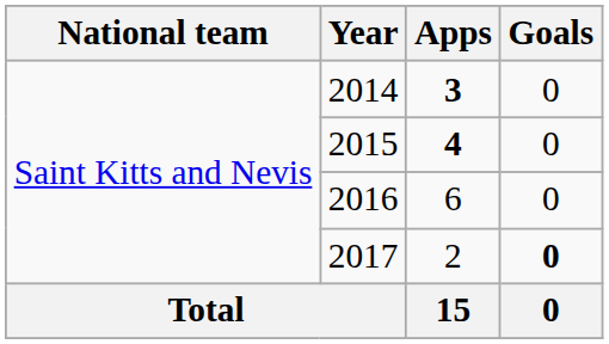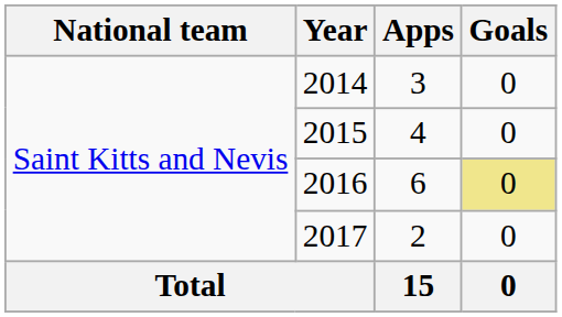 <table class="wikitable" style="text-align: center;">
 <tr>
 <th>National team</th>
 <th>Year</th>
 <th>Apps</th>
 <th>Goals</th>
 </tr>
 <tr>
 <td rowspan="4"><a href='#'>Saint Kitts and Nevis</a></td>
 <td>2014</td>
-<td><strong>3</strong></td>
+<td>3</td>
 <td>0</td>
 </tr>
 <tr>
 <td>2015</td>
-<td><strong>4</strong></td>
+<td>4</td>
 <td>0</td>
 </tr>
 <tr>
 <td>2016</td>
 <td>6</td>
-<td>0</td>
+<td style="background: khaki;">0</td>
 </tr>
 <tr>
 <td>2017</td>
 <td>2</td>
-<td><strong>0</strong></td>
+<td>0</td>
 </tr>
 <tr>
 <th colspan="2">Total</th>
 <th>15</th>
 <th>0</th>
 </tr>
 </table>
